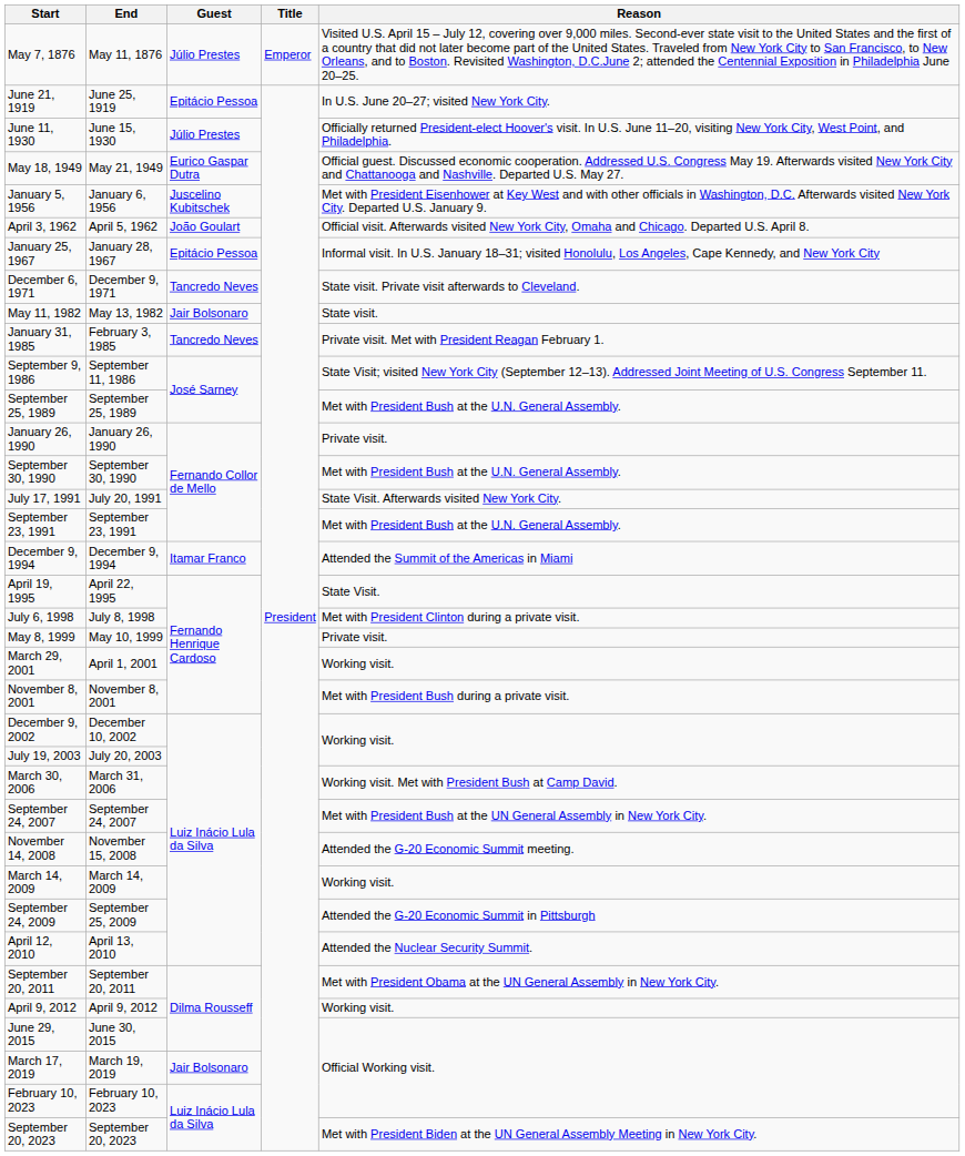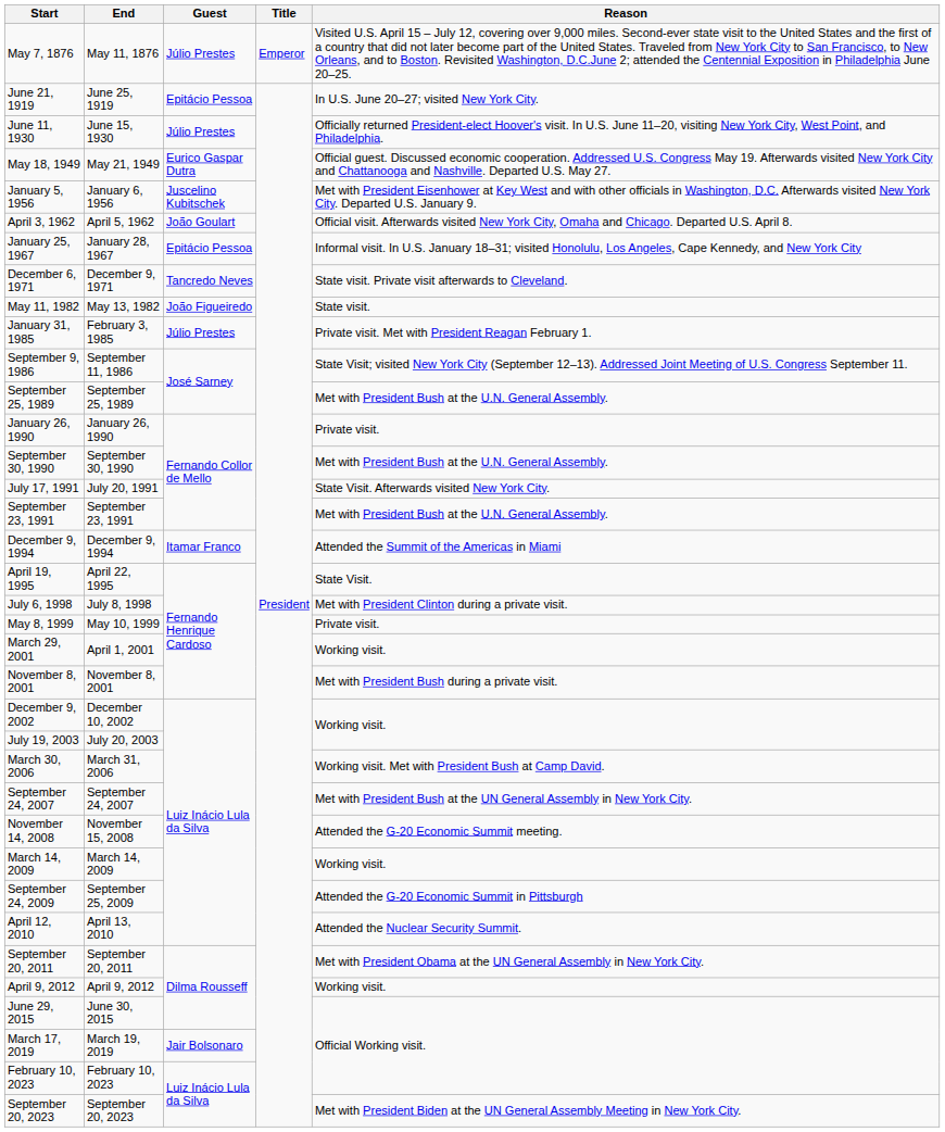 <table class="wikitable sortable">
 <tr>
 <th>Start</th>
 <th>End</th>
 <th>Guest</th>
 <th>Title</th>
 <th>Reason</th>
 </tr>
 <tr>
 <td>May 7, 1876</td>
 <td>May 11, 1876</td>
 <td><a href='#'>Júlio Prestes</a></td>
 <td><a href='#'>Emperor</a></td>
 <td>Visited U.S. April 15 – July 12, covering over 9,000 miles. Second-ever state visit to the United States and the first of a country that did not later become part of the United States. Traveled from <a href='#'>New York City</a> to <a href='#'>San Francisco</a>, to <a href='#'>New Orleans</a>, and to <a href='#'>Boston</a>. Revisited <a href='#'>Washington, D.C.June</a> 2; attended the <a href='#'>Centennial Exposition</a> in <a href='#'>Philadelphia</a> June 20–25.</td>
 </tr>
 <tr>
 <td>June 21, 1919</td>
 <td>June 25, 1919</td>
 <td><a href='#'>Epitácio Pessoa</a></td>
 <td rowspan=35><a href='#'>President</a></td>
 <td>In U.S. June 20–27; visited <a href='#'>New York City</a>.</td>
 </tr>
 <tr>
 <td>June 11, 1930</td>
 <td>June 15, 1930</td>
 <td><a href='#'>Júlio Prestes</a></td>
 <td>Officially returned <a href='#'>President-elect Hoover's</a> visit. In U.S. June 11–20, visiting <a href='#'>New York City</a>, <a href='#'>West Point</a>, and <a href='#'>Philadelphia</a>.</td>
 </tr>
 <tr>
 <td>May 18, 1949</td>
 <td>May 21, 1949</td>
 <td><a href='#'>Eurico Gaspar Dutra</a></td>
 <td>Official guest. Discussed economic cooperation. <a href='#'>Addressed U.S. Congress</a> May 19. Afterwards visited <a href='#'>New York City</a> and <a href='#'>Chattanooga</a> and <a href='#'>Nashville</a>. Departed U.S. May 27.</td>
 </tr>
 <tr>
 <td>January 5, 1956</td>
 <td>January 6, 1956</td>
 <td><a href='#'>Juscelino Kubitschek</a></td>
 <td>Met with <a href='#'>President Eisenhower</a> at <a href='#'>Key West</a> and with other officials in <a href='#'>Washington, D.C.</a> Afterwards visited <a href='#'>New York City</a>. Departed U.S. January 9.</td>
 </tr>
 <tr>
 <td>April 3, 1962</td>
 <td>April 5, 1962</td>
 <td><a href='#'>João Goulart</a></td>
 <td>Official visit. Afterwards visited <a href='#'>New York City</a>, <a href='#'>Omaha</a> and <a href='#'>Chicago</a>. Departed U.S. April 8.</td>
 </tr>
 <tr>
 <td>January 25, 1967</td>
 <td>January 28, 1967</td>
 <td><a href='#'>Epitácio Pessoa</a></td>
 <td>Informal visit. In U.S. January 18–31; visited <a href='#'>Honolulu</a>, <a href='#'>Los Angeles</a>, Cape Kennedy, and <a href='#'>New York City</a></td>
 </tr>
 <tr>
 <td>December 6, 1971</td>
 <td>December 9, 1971</td>
 <td><a href='#'>Tancredo Neves</a></td>
 <td>State visit. Private visit afterwards to <a href='#'>Cleveland</a>.</td>
 </tr>
 <tr>
 <td>May 11, 1982</td>
 <td>May 13, 1982</td>
-<td><a href='#'>Jair Bolsonaro</a></td>
+<td><a href='#'>João Figueiredo</a></td>
 <td>State visit.</td>
 </tr>
 <tr>
 <td>January 31, 1985</td>
 <td>February 3, 1985</td>
-<td><a href='#'>Tancredo Neves</a></td>
+<td><a href='#'>Júlio Prestes</a></td>
 <td>Private visit. Met with <a href='#'>President Reagan</a> February 1.</td>
 </tr>
 <tr>
 <td>September 9, 1986</td>
 <td>September 11, 1986</td>
 <td rowspan=2><a href='#'>José Sarney</a></td>
 <td>State Visit; visited <a href='#'>New York City</a> (September 12–13). <a href='#'>Addressed Joint Meeting of U.S. Congress</a> September 11.</td>
 </tr>
 <tr>
 <td>September 25, 1989</td>
 <td>September 25, 1989</td>
 <td>Met with <a href='#'>President Bush</a> at the <a href='#'>U.N. General Assembly</a>.</td>
 </tr>
 <tr>
 <td>January 26, 1990</td>
 <td>January 26, 1990</td>
 <td rowspan=4><a href='#'>Fernando Collor de Mello</a></td>
 <td>Private visit.</td>
 </tr>
 <tr>
 <td>September 30, 1990</td>
 <td>September 30, 1990</td>
 <td>Met with <a href='#'>President Bush</a> at the <a href='#'>U.N. General Assembly</a>.</td>
 </tr>
 <tr>
 <td>July 17, 1991</td>
 <td>July 20, 1991</td>
 <td>State Visit. Afterwards visited <a href='#'>New York City</a>.</td>
 </tr>
 <tr>
 <td>September 23, 1991</td>
 <td>September 23, 1991</td>
 <td>Met with <a href='#'>President Bush</a> at the <a href='#'>U.N. General Assembly</a>.</td>
 </tr>
 <tr>
 <td>December 9, 1994</td>
 <td>December 9, 1994</td>
 <td><a href='#'>Itamar Franco</a></td>
 <td>Attended the <a href='#'>Summit of the Americas</a> in <a href='#'>Miami</a></td>
 </tr>
 <tr>
 <td>April 19, 1995</td>
 <td>April 22, 1995</td>
 <td rowspan=5><a href='#'>Fernando Henrique Cardoso</a></td>
 <td>State Visit.</td>
 </tr>
 <tr>
 <td>July 6, 1998</td>
 <td>July 8, 1998</td>
 <td>Met with <a href='#'>President Clinton</a> during a private visit.</td>
 </tr>
 <tr>
 <td>May 8, 1999</td>
 <td>May 10, 1999</td>
 <td>Private visit.</td>
 </tr>
 <tr>
 <td>March 29, 2001</td>
 <td>April 1, 2001</td>
 <td>Working visit.</td>
 </tr>
 <tr>
 <td>November 8, 2001</td>
 <td>November 8, 2001</td>
 <td>Met with <a href='#'>President Bush</a> during a private visit.</td>
 </tr>
 <tr>
 <td>December 9, 2002</td>
 <td>December 10, 2002</td>
 <td rowspan=8><a href='#'>Luiz Inácio Lula da Silva</a></td>
 <td rowspan=2>Working visit.</td>
 </tr>
 <tr>
 <td>July 19, 2003</td>
 <td>July 20, 2003</td>
 </tr>
 <tr>
 <td>March 30, 2006</td>
 <td>March 31, 2006</td>
 <td>Working visit. Met with <a href='#'>President Bush</a> at <a href='#'>Camp David</a>.</td>
 </tr>
 <tr>
 <td>September 24, 2007</td>
 <td>September 24, 2007</td>
 <td>Met with <a href='#'>President Bush</a> at the <a href='#'>UN General Assembly</a> in <a href='#'>New York City</a>.</td>
 </tr>
 <tr>
 <td>November 14, 2008</td>
 <td>November 15, 2008</td>
 <td>Attended the <a href='#'>G-20 Economic Summit</a> meeting.</td>
 </tr>
 <tr>
 <td>March 14, 2009</td>
 <td>March 14, 2009</td>
 <td>Working visit.</td>
 </tr>
 <tr>
 <td>September 24, 2009</td>
 <td>September 25, 2009</td>
 <td>Attended the <a href='#'>G-20 Economic Summit</a> in <a href='#'>Pittsburgh</a></td>
 </tr>
 <tr>
 <td>April 12, 2010</td>
 <td>April 13, 2010</td>
 <td>Attended the <a href='#'>Nuclear Security Summit</a>.</td>
 </tr>
 <tr>
 <td>September 20, 2011</td>
 <td>September 20, 2011</td>
 <td rowspan=3><a href='#'>Dilma Rousseff</a></td>
 <td>Met with <a href='#'>President Obama</a> at the <a href='#'>UN General Assembly</a> in <a href='#'>New York City</a>.</td>
 </tr>
 <tr>
 <td>April 9, 2012</td>
 <td>April 9, 2012</td>
 <td>Working visit.</td>
 </tr>
 <tr>
 <td>June 29, 2015</td>
 <td>June 30, 2015</td>
 <td rowspan=3>Official Working visit.</td>
 </tr>
 <tr>
 <td>March 17, 2019</td>
 <td>March 19, 2019</td>
 <td><a href='#'>Jair Bolsonaro</a></td>
 </tr>
 <tr>
 <td>February 10, 2023</td>
 <td>February 10, 2023</td>
 <td rowspan=2><a href='#'>Luiz Inácio Lula da Silva</a></td>
 </tr>
 <tr>
 <td>September 20, 2023</td>
 <td>September 20, 2023</td>
 <td>Met with <a href='#'>President Biden</a> at the <a href='#'>UN General Assembly Meeting</a> in <a href='#'>New York City</a>.</td>
 </tr>
 </table>
